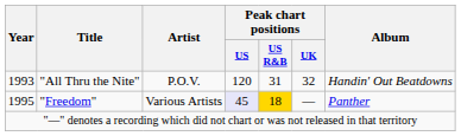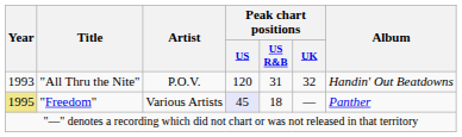 <table class="wikitable" style="text-align:center;">
 <tr>
 <th rowspan="2">Year</th>
 <th rowspan="2">Title</th>
 <th rowspan="2">Artist</th>
 <th colspan="3">Peak chart positions</th>
 <th rowspan="2">Album</th>
 </tr>
 <tr style="font-size:smaller;">
 <th width="35"><a href='#'>US</a><br></th>
 <th width="35"><a href='#'>US<br>R&B</a><br></th>
 <th width="35"><a href='#'>UK</a><br></th>
 </tr>
 <tr>
 <td>1993</td>
 <td align="left">"All Thru the Nite"</td>
 <td>P.O.V.</td>
 <td>120</td>
 <td>31</td>
 <td>32</td>
 <td align="left"><em>Handin' Out Beatdowns</em></td>
 </tr>
 <tr>
-<td>1995</td>
+<td style="background: khaki;">1995</td>
 <td align="left">"<a href='#'>Freedom</a>"</td>
 <td>Various Artists</td>
 <td style="background: lavender;">45</td>
-<td style="background: gold;">18</td>
+<td>18</td>
 <td>—</td>
 <td align="left"><em><a href='#'>Panther</a></em></td>
 </tr>
 <tr>
 <td colspan="15" style="font-size:90%">"—" denotes a recording which did not chart or was not released in that territory</td>
 </tr>
 </table>
